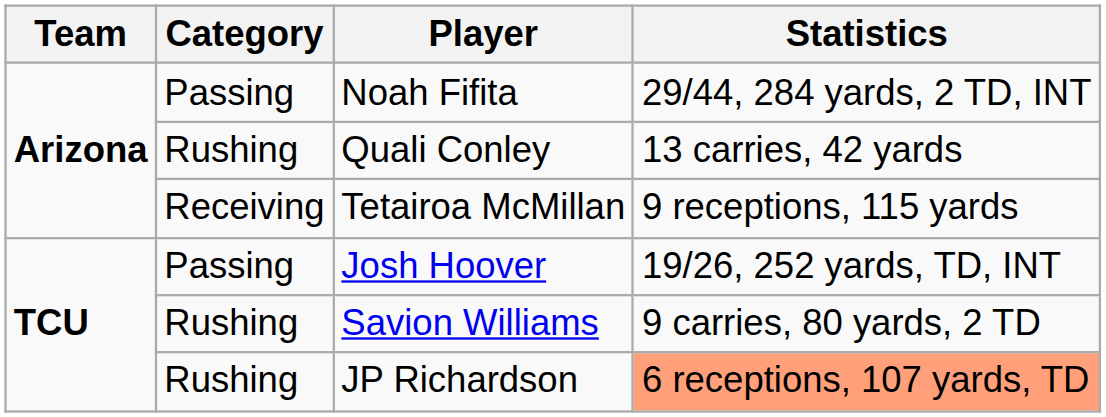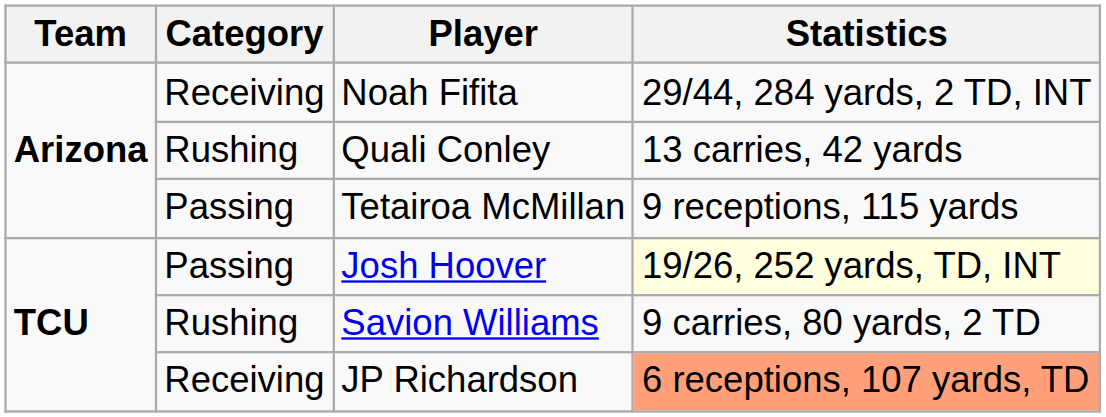 <table class="wikitable" style="float: right;">
 <tr>
 <th>Team</th>
 <th>Category</th>
 <th>Player</th>
 <th>Statistics</th>
 </tr>
 <tr>
 <td rowspan=3><strong>Arizona</strong></td>
-<td>Passing</td>
+<td>Receiving</td>
 <td>Noah Fifita</td>
 <td>29/44, 284 yards, 2 TD, INT</td>
 </tr>
 <tr>
 <td>Rushing</td>
 <td>Quali Conley</td>
 <td>13 carries, 42 yards</td>
 </tr>
 <tr>
-<td>Receiving</td>
+<td>Passing</td>
 <td>Tetairoa McMillan</td>
 <td>9 receptions, 115 yards</td>
 </tr>
 <tr>
 <td rowspan=3><strong>TCU</strong></td>
 <td>Passing</td>
 <td><a href='#'>Josh Hoover</a></td>
-<td>19/26, 252 yards, TD, INT</td>
+<td style="background: lightyellow;">19/26, 252 yards, TD, INT</td>
 </tr>
 <tr>
 <td>Rushing</td>
 <td><a href='#'>Savion Williams</a></td>
 <td>9 carries, 80 yards, 2 TD</td>
 </tr>
 <tr>
-<td>Rushing</td>
+<td>Receiving</td>
 <td>JP Richardson</td>
 <td style="background: lightsalmon;">6 receptions, 107 yards, TD</td>
 </tr>
 </table>
